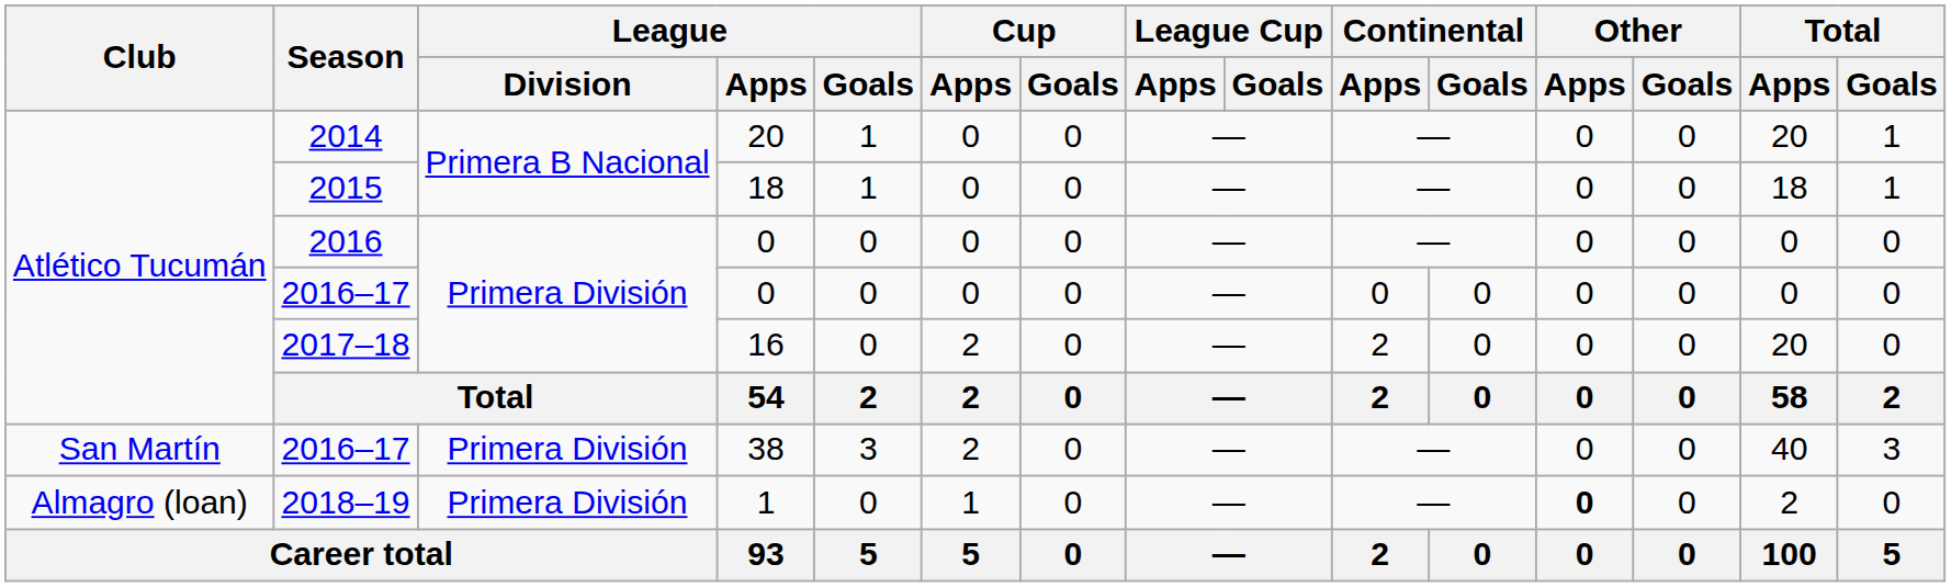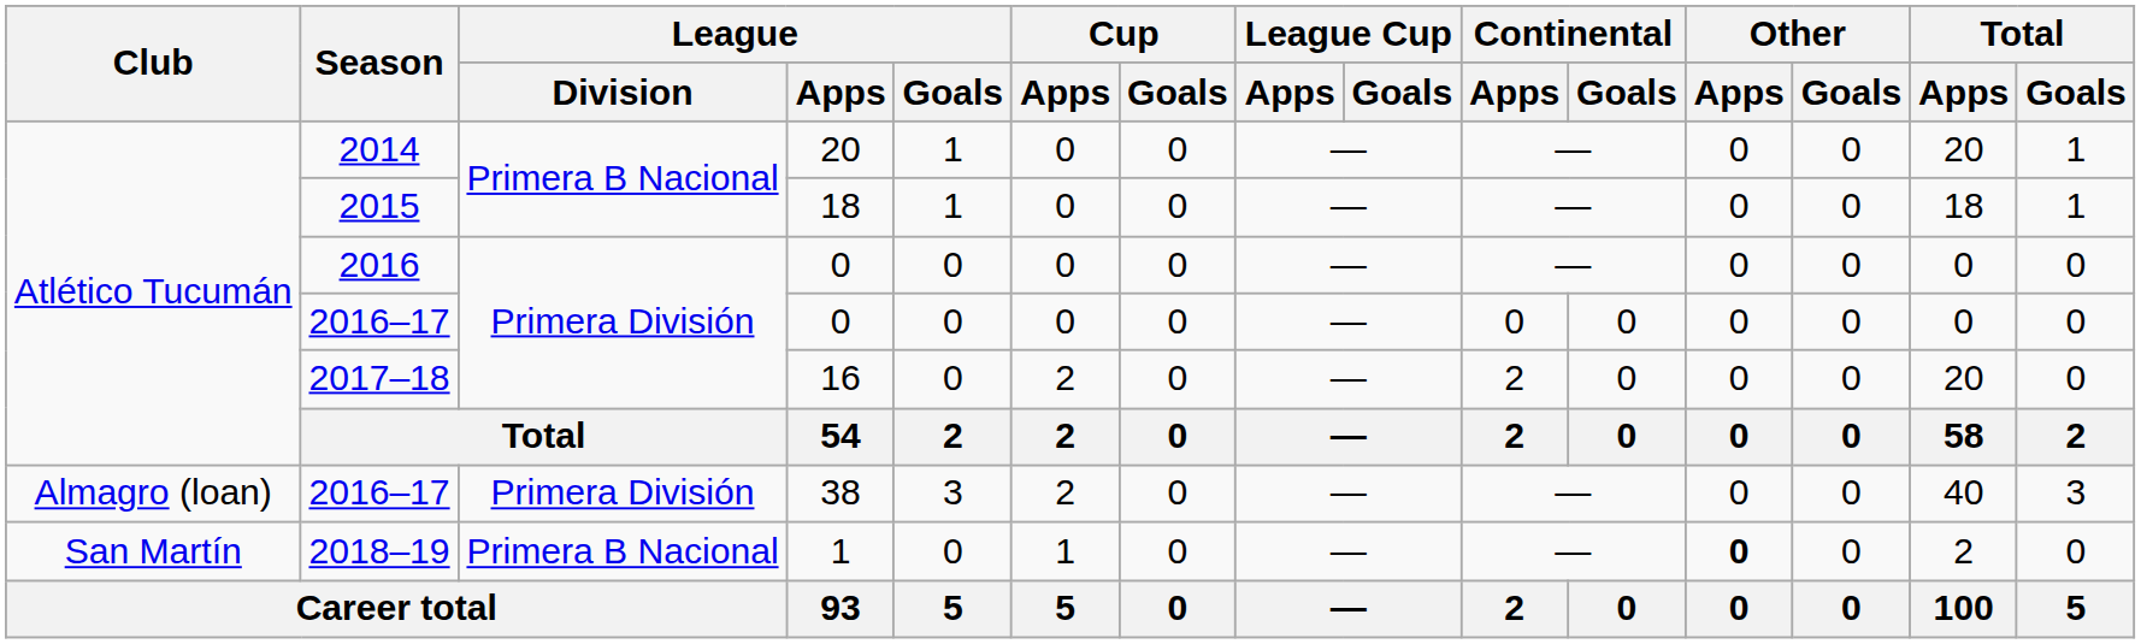 <table class="wikitable" style="text-align:center">
 <tr>
 <th rowspan="2">Club</th>
 <th rowspan="2">Season</th>
 <th colspan="3">League</th>
 <th colspan="2">Cup</th>
 <th colspan="2">League Cup</th>
 <th colspan="2">Continental</th>
 <th colspan="2">Other</th>
 <th colspan="2">Total</th>
 </tr>
 <tr>
 <th>Division</th>
 <th>Apps</th>
 <th>Goals</th>
 <th>Apps</th>
 <th>Goals</th>
 <th>Apps</th>
 <th>Goals</th>
 <th>Apps</th>
 <th>Goals</th>
 <th>Apps</th>
 <th>Goals</th>
 <th>Apps</th>
 <th>Goals</th>
 </tr>
 <tr>
 <td rowspan="6"><a href='#'>Atlético Tucumán</a></td>
 <td><a href='#'>2014</a></td>
 <td rowspan="2"><a href='#'>Primera B Nacional</a></td>
 <td>20</td>
 <td>1</td>
 <td>0</td>
 <td>0</td>
 <td colspan="2">—</td>
 <td colspan="2">—</td>
 <td>0</td>
 <td>0</td>
 <td>20</td>
 <td>1</td>
 </tr>
 <tr>
 <td><a href='#'>2015</a></td>
 <td>18</td>
 <td>1</td>
 <td>0</td>
 <td>0</td>
 <td colspan="2">—</td>
 <td colspan="2">—</td>
 <td>0</td>
 <td>0</td>
 <td>18</td>
 <td>1</td>
 </tr>
 <tr>
 <td><a href='#'>2016</a></td>
 <td rowspan="3"><a href='#'>Primera División</a></td>
 <td>0</td>
 <td>0</td>
 <td>0</td>
 <td>0</td>
 <td colspan="2">—</td>
 <td colspan="2">—</td>
 <td>0</td>
 <td>0</td>
 <td>0</td>
 <td>0</td>
 </tr>
 <tr>
 <td><a href='#'>2016–17</a></td>
 <td>0</td>
 <td>0</td>
 <td>0</td>
 <td>0</td>
 <td colspan="2">—</td>
 <td>0</td>
 <td>0</td>
 <td>0</td>
 <td>0</td>
 <td>0</td>
 <td>0</td>
 </tr>
 <tr>
 <td><a href='#'>2017–18</a></td>
 <td>16</td>
 <td>0</td>
 <td>2</td>
 <td>0</td>
 <td colspan="2">—</td>
 <td>2</td>
 <td>0</td>
 <td>0</td>
 <td>0</td>
 <td>20</td>
 <td>0</td>
 </tr>
 <tr>
 <th colspan="2">Total</th>
 <th>54</th>
 <th>2</th>
 <th>2</th>
 <th>0</th>
 <th colspan="2">—</th>
 <th>2</th>
 <th>0</th>
 <th>0</th>
 <th>0</th>
 <th>58</th>
 <th>2</th>
 </tr>
 <tr>
-<td rowspan="1"><a href='#'>San Martín</a></td>
+<td rowspan="1"><a href='#'>Almagro</a> (loan)</td>
 <td><a href='#'>2016–17</a></td>
 <td rowspan="1"><a href='#'>Primera División</a></td>
 <td>38</td>
 <td>3</td>
 <td>2</td>
 <td>0</td>
 <td colspan="2">—</td>
 <td colspan="2">—</td>
 <td>0</td>
 <td>0</td>
 <td>40</td>
 <td>3</td>
 </tr>
 <tr>
-<td rowspan="1"><a href='#'>Almagro</a> (loan)</td>
+<td rowspan="1"><a href='#'>San Martín</a></td>
 <td><a href='#'>2018–19</a></td>
-<td rowspan="1"><a href='#'>Primera División</a></td>
+<td rowspan="1"><a href='#'>Primera B Nacional</a></td>
 <td>1</td>
 <td>0</td>
 <td>1</td>
 <td>0</td>
 <td colspan="2">—</td>
 <td colspan="2">—</td>
 <td><strong>0</strong></td>
 <td>0</td>
 <td>2</td>
 <td>0</td>
 </tr>
 <tr>
 <th colspan="3">Career total</th>
 <th>93</th>
 <th>5</th>
 <th>5</th>
 <th>0</th>
 <th colspan="2">—</th>
 <th>2</th>
 <th>0</th>
 <th>0</th>
 <th>0</th>
 <th>100</th>
 <th>5</th>
 </tr>
 </table>
